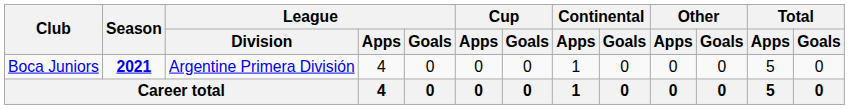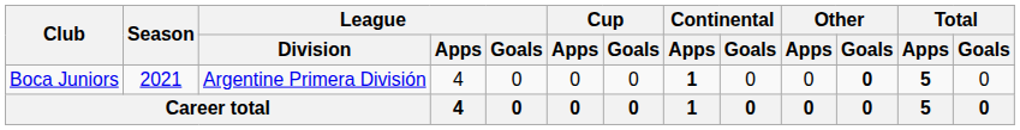 <table class="wikitable" style="text-align: center">
 <tr>
 <th rowspan="2">Club</th>
 <th rowspan="2">Season</th>
 <th colspan="3">League</th>
 <th colspan="2">Cup</th>
 <th colspan="2">Continental</th>
 <th colspan="2">Other</th>
 <th colspan="2">Total</th>
 </tr>
 <tr>
 <th>Division</th>
 <th>Apps</th>
 <th>Goals</th>
 <th>Apps</th>
 <th>Goals</th>
 <th>Apps</th>
 <th>Goals</th>
 <th>Apps</th>
 <th>Goals</th>
 <th>Apps</th>
 <th>Goals</th>
 </tr>
 <tr>
 <td><a href='#'>Boca Juniors</a></td>
-<td><strong><a href='#'>2021</a></strong></td>
+<td><a href='#'>2021</a></td>
 <td><a href='#'>Argentine Primera División</a></td>
 <td>4</td>
 <td>0</td>
 <td>0</td>
 <td>0</td>
-<td>1</td>
+<td><strong>1</strong></td>
 <td>0</td>
 <td>0</td>
-<td>0</td>
-<td>5</td>
+<td><strong>0</strong></td>
+<td><strong>5</strong></td>
 <td>0</td>
 </tr>
 <tr>
 <th colspan=3>Career total</th>
 <th>4</th>
 <th>0</th>
 <th>0</th>
 <th>0</th>
 <th>1</th>
 <th>0</th>
 <th>0</th>
 <th>0</th>
 <th>5</th>
 <th>0</th>
 </tr>
 </table>
